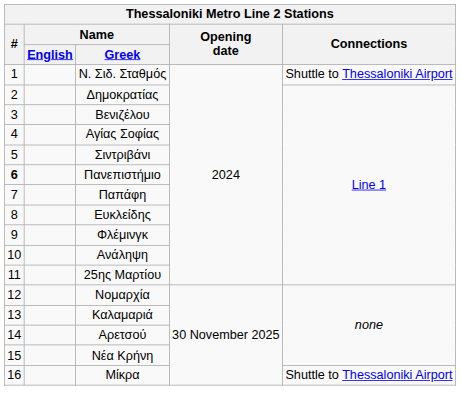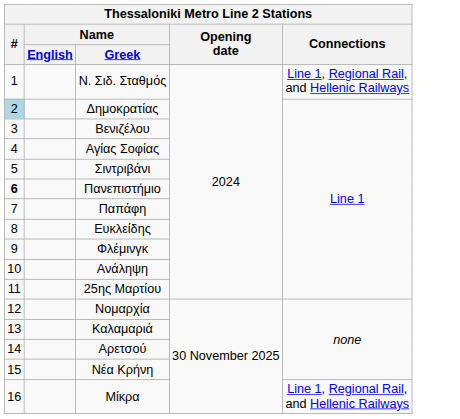 <table class="wikitable" style="text-align: center;">
 <tr>
 <th colspan="5" style="background:#"><span>Thessaloniki Metro Line 2 Stations</span></th>
 </tr>
 <tr>
 <th rowspan="2">#</th>
 <th colspan="2">Name</th>
 <th rowspan="2">Opening<br>date</th>
 <th rowspan="2">Connections</th>
 </tr>
 <tr>
 <th><a href='#'>English</a></th>
 <th><a href='#'>Greek</a></th>
 </tr>
 <tr>
 <td>1</td>
 <td></td>
 <td>Ν. Σιδ. Σταθμός</td>
 <td rowspan="11">2024</td>
-<td>Shuttle to <a href='#'>Thessaloniki Airport</a></td>
+<td> <a href='#'>Line 1</a>, <a href='#'>Regional Rail</a>,<br>and <a href='#'>Hellenic Railways</a></td>
 </tr>
 <tr>
-<td>2</td>
+<td style="background: lightblue;">2</td>
 <td></td>
 <td>Δημοκρατίας</td>
 <td rowspan="10"> <a href='#'>Line 1</a></td>
 </tr>
 <tr>
 <td>3</td>
 <td></td>
 <td>Βενιζέλου</td>
 </tr>
 <tr>
 <td>4</td>
 <td></td>
 <td>Αγίας Σοφίας</td>
 </tr>
 <tr>
 <td>5</td>
 <td></td>
 <td>Σιντριβάνι</td>
 </tr>
 <tr>
 <td><strong>6</strong></td>
 <td></td>
 <td>Πανεπιστήμιο</td>
 </tr>
 <tr>
 <td>7</td>
 <td></td>
 <td>Παπάφη</td>
 </tr>
 <tr>
 <td>8</td>
 <td></td>
 <td>Ευκλείδης</td>
 </tr>
 <tr>
 <td>9</td>
 <td></td>
 <td>Φλέμινγκ</td>
 </tr>
 <tr>
 <td>10</td>
 <td></td>
 <td>Ανάληψη</td>
 </tr>
 <tr>
 <td>11</td>
 <td></td>
 <td>25ης Μαρτίου</td>
 </tr>
 <tr>
 <td>12</td>
 <td></td>
 <td>Νομαρχία</td>
 <td rowspan="5">30 November 2025</td>
 <td rowspan="4"><em>none</em></td>
 </tr>
 <tr>
 <td>13</td>
 <td></td>
 <td>Καλαμαριά</td>
 </tr>
 <tr>
 <td>14</td>
 <td></td>
 <td>Aρετσού</td>
 </tr>
 <tr>
 <td>15</td>
 <td></td>
 <td>Νέα Κρήνη</td>
 </tr>
 <tr>
 <td>16</td>
 <td></td>
 <td>Μίκρα</td>
-<td>Shuttle to <a href='#'>Thessaloniki Airport</a></td>
+<td> <a href='#'>Line 1</a>, <a href='#'>Regional Rail</a>,<br>and <a href='#'>Hellenic Railways</a></td>
 </tr>
 </table>
